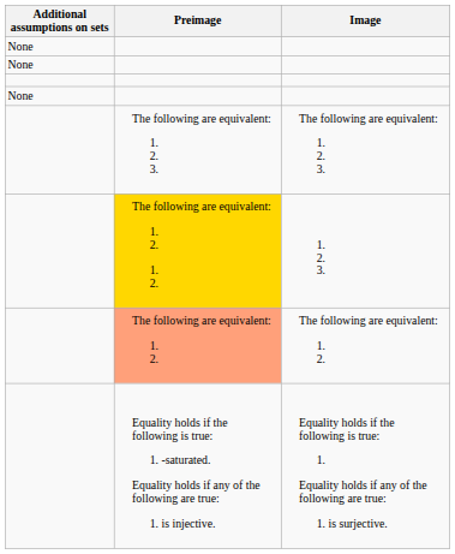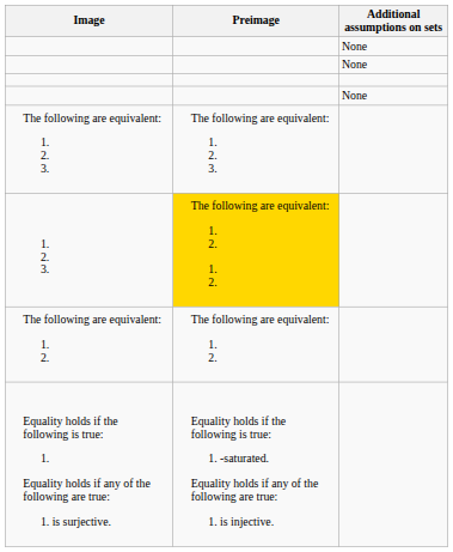 <table class="wikitable">
 <tr>
+<th>Image</th>
+<th>Preimage</th>
 <th>Additional assumptions on sets</th>
-<th>Preimage</th>
-<th>Image</th>
 </tr>
 <tr>
-<td>None</td>
 <td style="padding: 0.5em 0.8em 0.5em 1.5em;"></td>
 <td style="padding: 0.5em 0.8em 0.5em 1.5em;"></td>
+<td>None</td>
 </tr>
 <tr>
-<td>None</td>
 <td style="padding: 0.5em 0.8em 0.5em 1.5em;"></td>
 <td style="padding: 0.5em 0.8em 0.5em 1.5em;"></td>
+<td>None</td>
 </tr>
 <tr>
-<td></td>
 <td style="padding: 0.5em 0.8em 0.5em 1.5em;"></td>
 <td style="padding: 0.5em 0.8em 0.5em 1.5em;"></td>
+<td></td>
 </tr>
 <tr>
-<td>None</td>
 <td style="padding: 0.5em 0.8em 0.5em 1.5em;"></td>
 <td style="padding: 0.5em 0.8em 0.5em 1.5em;"></td>
+<td>None</td>
 </tr>
 <tr>
-<td></td>
 <td style="padding: 0.5em 0.8em 0.5em 1.5em;">The following are equivalent:<br><ol> <li></li> <li></li> <li></li> </ol></td>
 <td style="padding: 0.5em 0.8em 0.5em 1.5em;">The following are equivalent:<br><ol> <li></li> <li></li> <li></li> </ol></td>
+<td></td>
 </tr>
 <tr>
+<td style="padding: 0.5em 0.8em 0.5em 1.5em;"><br><ol> <li></li> <li></li> <li></li> </ol></td>
+<td style="background: gold; padding: 0.5em 0.8em 0.5em 1.5em;">The following are equivalent:<br><ol> <li></li> <li></li> </ol> <ol> <li></li> <li></li> </ol></td>
 <td></td>
-<td style="background: gold; padding: 0.5em 0.8em 0.5em 1.5em;">The following are equivalent:<br><ol> <li></li> <li></li> </ol> <ol> <li></li> <li></li> </ol></td>
-<td style="padding: 0.5em 0.8em 0.5em 1.5em;"><br><ol> <li></li> <li></li> <li></li> </ol></td>
 </tr>
 <tr>
+<td style="padding: 0.5em 0.8em 0.5em 1.5em;">The following are equivalent:<br><ol> <li></li> <li></li> </ol></td>
+<td style="padding: 0.5em 0.8em 0.5em 1.5em;">The following are equivalent:<br><ol> <li></li> <li></li> </ol></td>
 <td></td>
-<td style="background: lightsalmon; padding: 0.5em 0.8em 0.5em 1.5em;">The following are equivalent:<br><ol> <li></li> <li></li> </ol></td>
-<td style="padding: 0.5em 0.8em 0.5em 1.5em;">The following are equivalent:<br><ol> <li></li> <li></li> </ol></td>
 </tr>
 <tr>
+<td style="padding: 0.5em 0.8em 0.5em 1.5em;"><br><br>Equality holds if  the following is true: <ol> <li></li> </ol> Equality holds if any of the following are true: <ol> <li> is surjective.</li> </ol></td>
+<td style="padding: 0.5em 0.8em 0.5em 1.5em;"><br><br>Equality holds if  the following is true: <ol> <li>-saturated.</li> </ol> Equality holds if any of the following are true: <ol> <li> is injective.</li> </ol></td>
 <td></td>
-<td style="padding: 0.5em 0.8em 0.5em 1.5em;"><br><br>Equality holds if  the following is true: <ol> <li>-saturated.</li> </ol> Equality holds if any of the following are true: <ol> <li> is injective.</li> </ol></td>
-<td style="padding: 0.5em 0.8em 0.5em 1.5em;"><br><br>Equality holds if  the following is true: <ol> <li></li> </ol> Equality holds if any of the following are true: <ol> <li> is surjective.</li> </ol></td>
 </tr>
 </table>
